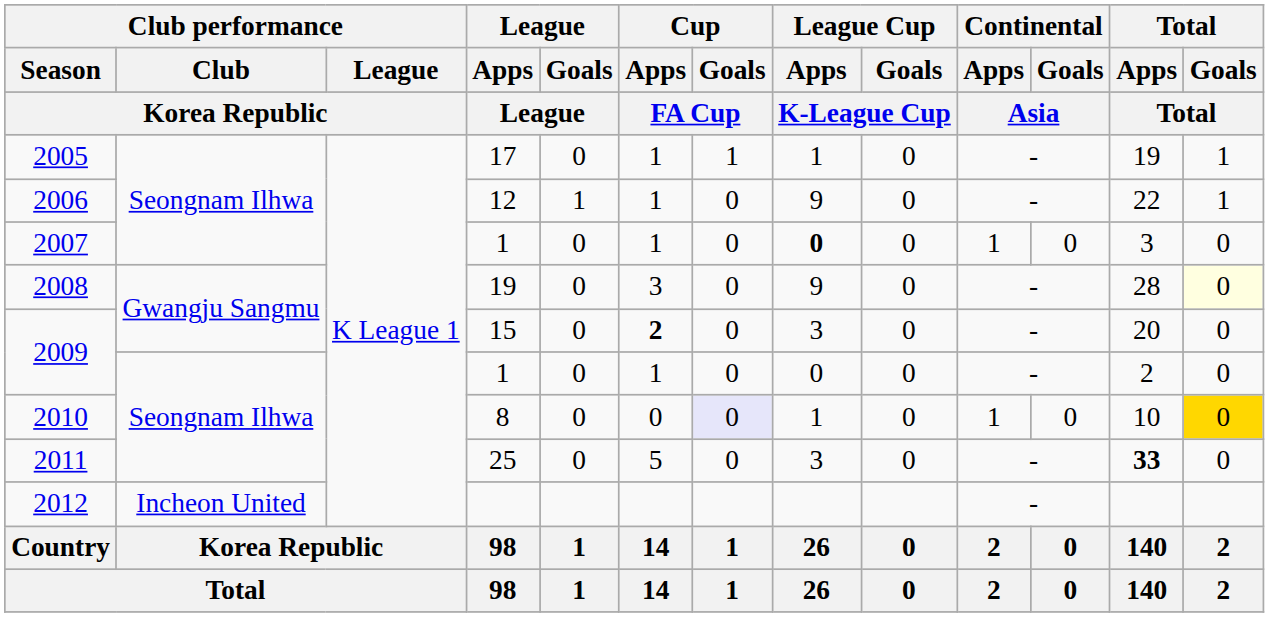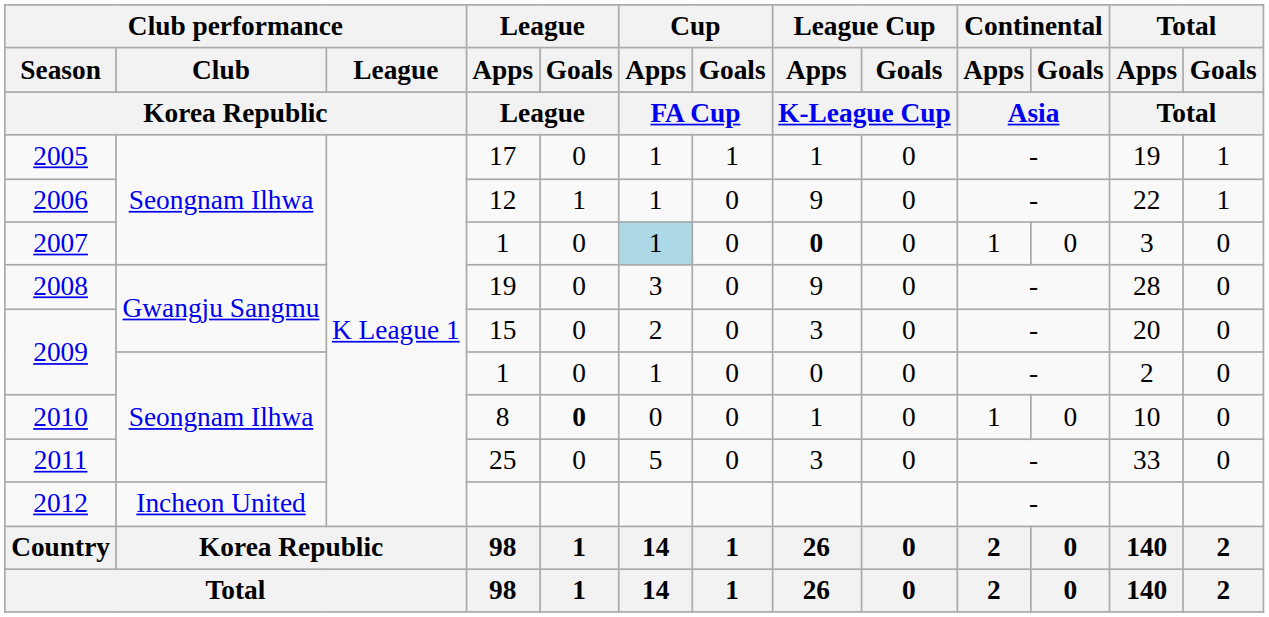 <table class="wikitable" style="text-align:center;">
 <tr>
 <th colspan=3>Club performance</th>
 <th colspan=2>League</th>
 <th colspan=2>Cup</th>
 <th colspan=2>League Cup</th>
 <th colspan=2>Continental</th>
 <th colspan=2>Total</th>
 </tr>
 <tr>
 <th>Season</th>
 <th>Club</th>
 <th>League</th>
 <th>Apps</th>
 <th>Goals</th>
 <th>Apps</th>
 <th>Goals</th>
 <th>Apps</th>
 <th>Goals</th>
 <th>Apps</th>
 <th>Goals</th>
 <th>Apps</th>
 <th>Goals</th>
 </tr>
 <tr>
 <th colspan=3>Korea Republic</th>
 <th colspan=2>League</th>
 <th colspan=2><a href='#'>FA Cup</a></th>
 <th colspan=2><a href='#'>K-League Cup</a></th>
 <th colspan=2><a href='#'>Asia</a></th>
 <th colspan=2>Total</th>
 </tr>
 <tr>
 <td><a href='#'>2005</a></td>
 <td rowspan="3"><a href='#'>Seongnam Ilhwa</a></td>
 <td rowspan="9"><a href='#'>K League 1</a></td>
 <td>17</td>
 <td>0</td>
 <td>1</td>
 <td>1</td>
 <td>1</td>
 <td>0</td>
 <td colspan="2">-</td>
 <td>19</td>
 <td>1</td>
 </tr>
 <tr>
 <td><a href='#'>2006</a></td>
 <td>12</td>
 <td>1</td>
 <td>1</td>
 <td>0</td>
 <td>9</td>
 <td>0</td>
 <td colspan="2">-</td>
 <td>22</td>
 <td>1</td>
 </tr>
 <tr>
 <td><a href='#'>2007</a></td>
 <td>1</td>
 <td>0</td>
-<td>1</td>
+<td style="background: lightblue;">1</td>
 <td>0</td>
 <td><strong>0</strong></td>
 <td>0</td>
 <td>1</td>
 <td>0</td>
 <td>3</td>
 <td>0</td>
 </tr>
 <tr>
 <td><a href='#'>2008</a></td>
 <td rowspan="2"><a href='#'>Gwangju Sangmu</a></td>
 <td>19</td>
 <td>0</td>
 <td>3</td>
 <td>0</td>
 <td>9</td>
 <td>0</td>
 <td colspan="2">-</td>
 <td>28</td>
-<td style="background: lightyellow;">0</td>
+<td>0</td>
 </tr>
 <tr>
 <td rowspan="2"><a href='#'>2009</a></td>
 <td>15</td>
 <td>0</td>
-<td><strong>2</strong></td>
+<td>2</td>
 <td>0</td>
 <td>3</td>
 <td>0</td>
 <td colspan="2">-</td>
 <td>20</td>
 <td>0</td>
 </tr>
 <tr>
 <td rowspan="3"><a href='#'>Seongnam Ilhwa</a></td>
 <td>1</td>
 <td>0</td>
 <td>1</td>
 <td>0</td>
 <td>0</td>
 <td>0</td>
 <td colspan="2">-</td>
 <td>2</td>
 <td>0</td>
 </tr>
 <tr>
 <td><a href='#'>2010</a></td>
 <td>8</td>
+<td><strong>0</strong></td>
 <td>0</td>
 <td>0</td>
-<td style="background: lavender;">0</td>
 <td>1</td>
 <td>0</td>
 <td>1</td>
 <td>0</td>
 <td>10</td>
-<td style="background: gold;">0</td>
+<td>0</td>
 </tr>
 <tr>
 <td><a href='#'>2011</a></td>
 <td>25</td>
 <td>0</td>
 <td>5</td>
 <td>0</td>
 <td>3</td>
 <td>0</td>
 <td colspan=2>-</td>
-<td><strong>33</strong></td>
+<td>33</td>
 <td>0</td>
 </tr>
 <tr>
 <td><a href='#'>2012</a></td>
 <td rowspan="1"><a href='#'>Incheon United</a></td>
 <td></td>
 <td></td>
 <td></td>
 <td></td>
 <td></td>
 <td></td>
 <td colspan="2">-</td>
 <td></td>
 <td></td>
 </tr>
 <tr>
 <th rowspan=1>Country</th>
 <th colspan=2>Korea Republic</th>
 <th>98</th>
 <th>1</th>
 <th>14</th>
 <th>1</th>
 <th>26</th>
 <th>0</th>
 <th>2</th>
 <th>0</th>
 <th>140</th>
 <th>2</th>
 </tr>
 <tr>
 <th colspan=3>Total</th>
 <th>98</th>
 <th>1</th>
 <th>14</th>
 <th>1</th>
 <th>26</th>
 <th>0</th>
 <th>2</th>
 <th>0</th>
 <th>140</th>
 <th>2</th>
 </tr>
 </table>
